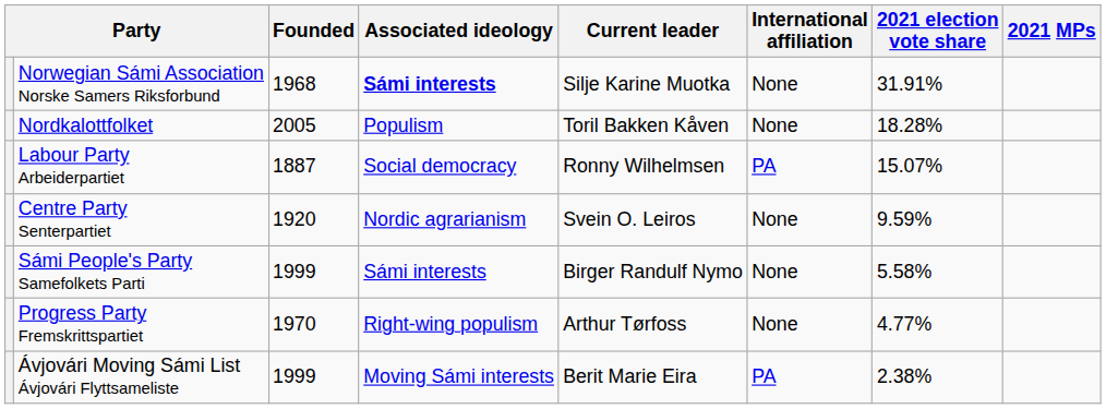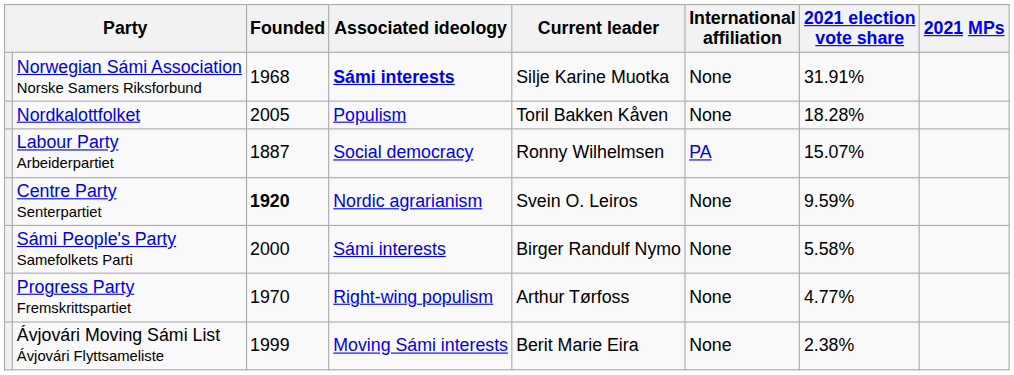 <table class="wikitable sortable">
 <tr>
 <th colspan="2">Party</th>
 <th>Founded</th>
 <th>Associated ideology</th>
 <th>Current leader</th>
 <th>International<br>affiliation</th>
 <th><a href='#'>2021 election<br>vote share</a></th>
 <th><a href='#'>2021</a> <a href='#'>MPs</a></th>
 </tr>
 <tr>
 <th style="background-color: "></th>
 <td><a href='#'>Norwegian Sámi Association</a><br><small>Norske Samers Riksforbund</small></td>
 <td>1968</td>
 <td><strong><a href='#'>Sámi interests</a></strong></td>
 <td>Silje Karine Muotka</td>
 <td>None</td>
 <td>31.91%</td>
 <td></td>
 </tr>
 <tr>
 <th style="background-color: "></th>
 <td><a href='#'>Nordkalottfolket</a></td>
 <td>2005</td>
 <td><a href='#'>Populism</a></td>
 <td>Toril Bakken Kåven</td>
 <td>None</td>
 <td>18.28%</td>
 <td></td>
 </tr>
 <tr>
 <th style="background-color: "></th>
 <td><a href='#'>Labour Party</a><br><small>Arbeiderpartiet</small></td>
 <td>1887</td>
 <td><a href='#'>Social democracy</a></td>
 <td>Ronny Wilhelmsen</td>
 <td><a href='#'>PA</a></td>
 <td>15.07%</td>
 <td></td>
 </tr>
 <tr>
 <th style="background-color: "></th>
 <td><a href='#'>Centre Party</a><br><small>Senterpartiet</small></td>
-<td>1920</td>
+<td><strong>1920</strong></td>
 <td><a href='#'>Nordic agrarianism</a></td>
 <td>Svein O. Leiros</td>
 <td>None</td>
 <td>9.59%</td>
 <td></td>
 </tr>
 <tr>
 <th style="background-color: "></th>
 <td><a href='#'>Sámi People's Party</a><br><small>Samefolkets Parti</small></td>
-<td>1999</td>
+<td>2000</td>
 <td><a href='#'>Sámi interests</a></td>
 <td>Birger Randulf Nymo</td>
 <td>None</td>
 <td>5.58%</td>
 <td></td>
 </tr>
 <tr>
 <th style="background-color: "></th>
 <td><a href='#'>Progress Party</a><br><small>Fremskrittspartiet</small></td>
 <td>1970</td>
 <td><a href='#'>Right-wing populism</a></td>
 <td>Arthur Tørfoss</td>
 <td>None</td>
 <td>4.77%</td>
 <td></td>
 </tr>
 <tr>
 <th style="background-color: "></th>
 <td>Ávjovári Moving Sámi List<br><small>Ávjovári Flyttsameliste</small></td>
 <td>1999</td>
 <td><a href='#'>Moving Sámi interests</a></td>
 <td>Berit Marie Eira</td>
-<td><a href='#'>PA</a></td>
+<td>None</td>
 <td>2.38%</td>
 <td></td>
 </tr>
 </table>
